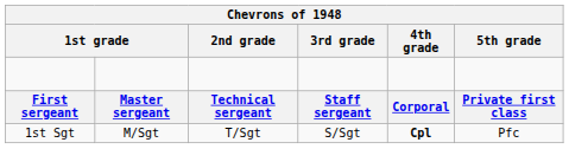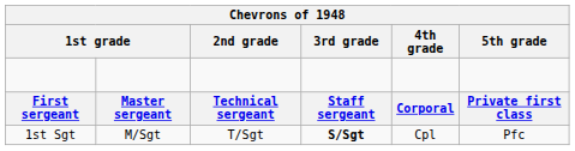 <table align=right class="wikitable" style="text-align:center">
 <tr>
 <th colspan=6>Chevrons of 1948</th>
 </tr>
 <tr>
 <th colspan=2>1st grade</th>
 <th>2nd grade</th>
 <th>3rd grade</th>
 <th>4th grade</th>
 <th>5th grade</th>
 </tr>
 <tr>
 <td><br><br></td>
 <td><br><br></td>
 <td><br><br></td>
 <td><br><br></td>
 <td><br><br></td>
 <td><br><br></td>
 </tr>
 <tr>
 <th><a href='#'>First sergeant</a></th>
 <th><a href='#'>Master sergeant</a></th>
 <th><a href='#'>Technical sergeant</a></th>
 <th><a href='#'>Staff sergeant</a></th>
 <th><a href='#'>Corporal</a></th>
 <th><a href='#'>Private first class</a></th>
 </tr>
 <tr>
 <td>1st Sgt</td>
 <td>M/Sgt</td>
 <td>T/Sgt</td>
-<td>S/Sgt</td>
-<td><strong>Cpl</strong></td>
+<td><strong>S/Sgt</strong></td>
+<td>Cpl</td>
 <td>Pfc</td>
 </tr>
 </table>
